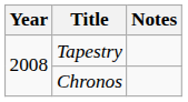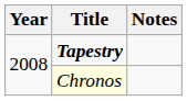 <table class="wikitable">
 <tr>
 <th>Year</th>
 <th>Title</th>
 <th>Notes</th>
 </tr>
 <tr>
 <td rowspan="2">2008</td>
-<td><em>Tapestry</em></td>
+<td><strong><em>Tapestry</em></strong></td>
 <td></td>
 </tr>
 <tr>
-<td><em>Chronos</em></td>
+<td style="background: lightyellow;"><em>Chronos</em></td>
 <td></td>
 </tr>
 </table>
